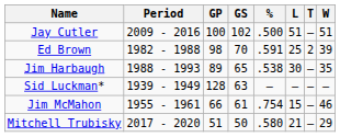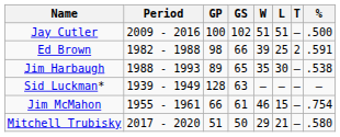 <table class="wikitable sortable" style="text-align:center">
 <tr>
 <th scope="col">Name</th>
 <th scope="col">Period</th>
 <th>GP</th>
 <th>GS</th>
-<th>%</th>
+<th>W</th>
 <th>L</th>
 <th>T</th>
-<th>W</th>
+<th>%</th>
 </tr>
 <tr>
 <td><a href='#'>Jay Cutler</a></td>
 <td>2009 - 2016</td>
 <td>100</td>
 <td>102</td>
-<td>.500</td>
+<td>51</td>
 <td>51</td>
 <td>—</td>
-<td>51</td>
+<td>.500</td>
 </tr>
 <tr>
 <td><a href='#'>Ed Brown</a></td>
 <td>1982 - 1988</td>
 <td>98</td>
-<td>70</td>
-<td>.591</td>
+<td>66</td>
+<td>39</td>
 <td>25</td>
 <td>2</td>
-<td>39</td>
+<td>.591</td>
 </tr>
 <tr>
 <td><a href='#'>Jim Harbaugh</a></td>
 <td>1988 - 1993</td>
 <td>89</td>
 <td>65</td>
-<td>.538</td>
+<td>35</td>
 <td>30</td>
 <td>—</td>
-<td>35</td>
+<td>.538</td>
 </tr>
 <tr>
 <td><a href='#'>Sid Luckman</a>*</td>
 <td>1939 - 1949</td>
 <td>128</td>
 <td>63</td>
 <td>—</td>
 <td>—</td>
 <td>—</td>
 <td>—</td>
 </tr>
 <tr>
 <td><a href='#'>Jim McMahon</a></td>
 <td>1955 - 1961</td>
 <td>66</td>
 <td>61</td>
-<td>.754</td>
+<td>46</td>
 <td>15</td>
 <td>—</td>
-<td>46</td>
+<td>.754</td>
 </tr>
 <tr>
 <td><a href='#'>Mitchell Trubisky</a></td>
 <td>2017 - 2020</td>
 <td>51</td>
 <td>50</td>
-<td>.580</td>
+<td>29</td>
 <td>21</td>
 <td>—</td>
-<td>29</td>
+<td>.580</td>
 </tr>
 </table>
